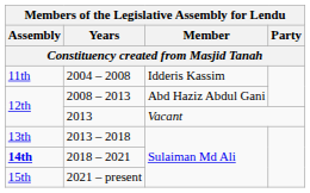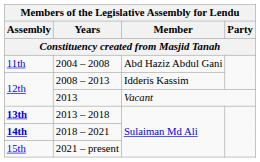 <table class=wikitable>
 <tr>
 <th colspan=4>Members of the Legislative Assembly for Lendu</th>
 </tr>
 <tr>
 <th>Assembly</th>
 <th>Years</th>
 <th>Member</th>
 <th>Party</th>
 </tr>
 <tr>
 <th colspan=4 align=center><em>Constituency created from Masjid Tanah</em></th>
 </tr>
 <tr>
 <td><a href='#'>11th</a></td>
 <td>2004 – 2008</td>
-<td>Idderis Kassim</td>
+<td>Abd Haziz Abdul Gani</td>
 <td rowspan="2"></td>
 </tr>
 <tr>
 <td rowspan="2"><a href='#'>12th</a></td>
 <td>2008 – 2013</td>
-<td>Abd Haziz Abdul Gani</td>
+<td>Idderis Kassim</td>
 </tr>
 <tr>
 <td>2013</td>
 <td colspan="2"><em>Vacant</em></td>
 </tr>
 <tr>
-<td><a href='#'>13th</a></td>
+<td><strong><a href='#'>13th</a></strong></td>
 <td>2013 – 2018</td>
 <td rowspan="3"><a href='#'>Sulaiman Md Ali</a></td>
 <td rowspan="3"></td>
 </tr>
 <tr>
 <td><strong><a href='#'>14th</a></strong></td>
 <td>2018 – 2021</td>
 </tr>
 <tr>
 <td><a href='#'>15th</a></td>
 <td>2021 – present</td>
 </tr>
 </table>
